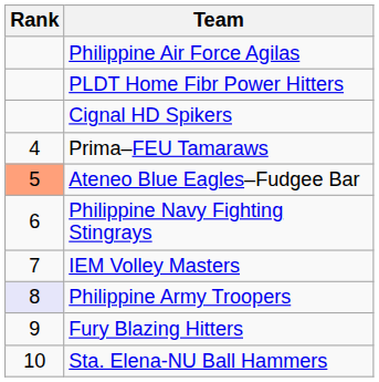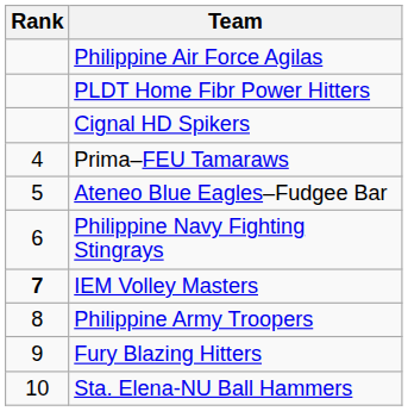 <table class="wikitable" style="text-align: center;">
 <tr>
 <th width=40>Rank</th>
 <th width=240>Team</th>
 </tr>
 <tr>
 <td></td>
 <td align="left"><a href='#'>Philippine Air Force Agilas</a></td>
 </tr>
 <tr>
 <td></td>
 <td align="left"><a href='#'>PLDT Home Fibr Power Hitters</a></td>
 </tr>
 <tr>
 <td></td>
 <td align="left"><a href='#'>Cignal HD Spikers</a></td>
 </tr>
 <tr>
 <td>4</td>
 <td align="left">Prima–<a href='#'>FEU Tamaraws</a></td>
 </tr>
 <tr>
-<td style="background: lightsalmon;">5</td>
+<td>5</td>
 <td align="left"><a href='#'>Ateneo Blue Eagles</a>–Fudgee Bar</td>
 </tr>
 <tr>
 <td>6</td>
 <td align="left"><a href='#'>Philippine Navy Fighting Stingrays</a></td>
 </tr>
 <tr>
-<td>7</td>
+<td><strong>7</strong></td>
 <td align="left"><a href='#'>IEM Volley Masters</a></td>
 </tr>
 <tr>
-<td style="background: lavender;">8</td>
+<td>8</td>
 <td align="left"><a href='#'>Philippine Army Troopers</a></td>
 </tr>
 <tr>
 <td>9</td>
 <td align="left"><a href='#'>Fury Blazing Hitters</a></td>
 </tr>
 <tr>
 <td>10</td>
 <td align="left"><a href='#'>Sta. Elena-NU Ball Hammers</a></td>
 </tr>
 </table>
